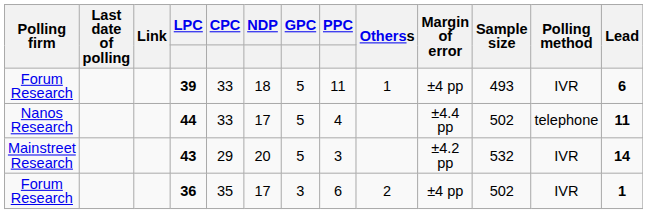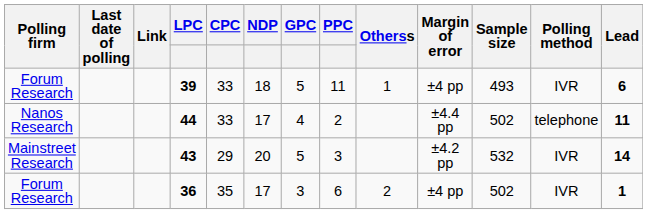 <table class="wikitable sortable mw-datatable" style="text-align:center;font-size:90%;line-height:14px;">
 <tr style="height:40px;">
 <th style="width:105px;" rowspan="2">Polling firm</th>
 <th style="width:105px;" rowspan="2">Last date<br>of polling</th>
 <th rowspan="2">Link</th>
 <th class="unsortable" style="width:40px;"><a href='#'>LPC</a></th>
 <th class="unsortable" style="width:40px;"><a href='#'>CPC</a></th>
 <th class="unsortable" style="width:40px;"><a href='#'>NDP</a></th>
 <th class="unsortable" style="width:40px;"><a href='#'>GPC</a></th>
 <th class="unsortable" style="width:40px;"><a href='#'>PPC</a></th>
 <th rowspan="2" style="width:40px"><a href='#'>Others</a>s</th>
 <th rowspan="2">Margin<br>of error</th>
 <th rowspan="2">Sample<br>size</th>
 <th rowspan="2">Polling method</th>
 <th rowspan="2">Lead</th>
 </tr>
 <tr>
 <th style="background:"></th>
 <th style="background:"></th>
 <th style="background:"></th>
 <th style="background:"></th>
 <th style="background:"></th>
 </tr>
 <tr>
 <td><a href='#'>Forum Research</a></td>
 <td></td>
 <td></td>
 <td><strong>39</strong></td>
 <td>33</td>
 <td>18</td>
 <td>5</td>
 <td>11</td>
 <td>1</td>
 <td>±4 pp</td>
 <td>493</td>
 <td>IVR</td>
 <td><strong>6</strong></td>
 </tr>
 <tr>
 <td><a href='#'>Nanos Research</a></td>
 <td></td>
 <td></td>
 <td><strong>44</strong></td>
 <td>33</td>
 <td>17</td>
-<td>5</td>
 <td>4</td>
+<td>2</td>
 <td></td>
 <td>±4.4 pp</td>
 <td>502</td>
 <td>telephone</td>
 <td><strong>11</strong></td>
 </tr>
 <tr>
 <td><a href='#'>Mainstreet Research</a></td>
 <td></td>
 <td></td>
 <td><strong>43</strong></td>
 <td>29</td>
 <td>20</td>
 <td>5</td>
 <td>3</td>
 <td></td>
 <td>±4.2 pp</td>
 <td>532</td>
 <td>IVR</td>
 <td><strong>14</strong></td>
 </tr>
 <tr>
 <td><a href='#'>Forum Research</a></td>
 <td></td>
 <td></td>
 <td><strong>36</strong></td>
 <td>35</td>
 <td>17</td>
 <td>3</td>
 <td>6</td>
 <td>2</td>
 <td>±4 pp</td>
 <td>502</td>
 <td>IVR</td>
 <td><strong>1</strong></td>
 </tr>
 </table>
